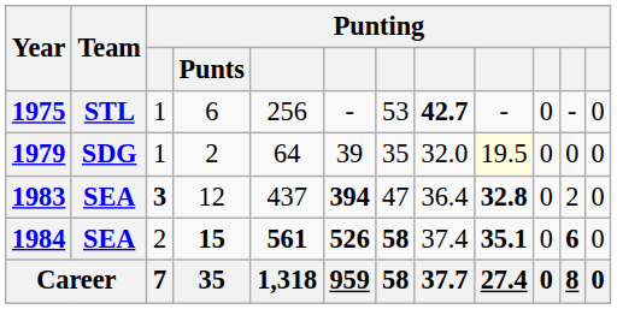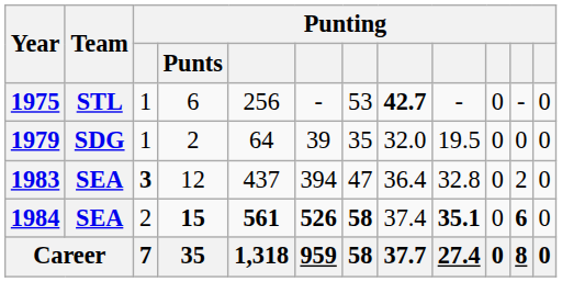 <table class=wikitable style="text-align:center;">
 <tr>
 <th rowspan="2">Year</th>
 <th rowspan="2">Team</th>
 <th colspan="10">Punting</th>
 </tr>
 <tr>
 <th></th>
 <th>Punts</th>
 <th></th>
 <th></th>
 <th></th>
 <th></th>
 <th></th>
 <th></th>
 <th></th>
 <th></th>
 </tr>
 <tr>
 <th><a href='#'>1975</a></th>
 <th><a href='#'>STL</a></th>
 <td>1</td>
 <td>6</td>
 <td>256</td>
 <td>-</td>
 <td>53</td>
 <td><strong>42.7</strong></td>
 <td>-</td>
 <td>0</td>
 <td>-</td>
 <td>0</td>
 </tr>
 <tr>
 <th><a href='#'>1979</a></th>
 <th><a href='#'>SDG</a></th>
 <td>1</td>
 <td>2</td>
 <td>64</td>
 <td>39</td>
 <td>35</td>
 <td>32.0</td>
-<td style="background: lightyellow;">19.5</td>
+<td>19.5</td>
 <td>0</td>
 <td>0</td>
 <td>0</td>
 </tr>
 <tr>
 <th><a href='#'>1983</a></th>
 <th><a href='#'>SEA</a></th>
 <td><strong>3</strong></td>
 <td>12</td>
 <td>437</td>
-<td><strong>394</strong></td>
+<td>394</td>
 <td>47</td>
 <td>36.4</td>
-<td><strong>32.8</strong></td>
+<td>32.8</td>
 <td>0</td>
 <td>2</td>
 <td>0</td>
 </tr>
 <tr>
 <th><a href='#'>1984</a></th>
 <th><a href='#'>SEA</a></th>
 <td>2</td>
 <td><strong>15</strong></td>
 <td><strong>561</strong></td>
 <td><strong>526</strong></td>
 <td><strong>58</strong></td>
 <td>37.4</td>
 <td><strong>35.1</strong></td>
 <td>0</td>
 <td><strong>6</strong></td>
 <td>0</td>
 </tr>
 <tr>
 <th colspan="2">Career</th>
 <th>7</th>
 <th>35</th>
 <th>1,318</th>
 <th><u>959</u></th>
 <th>58</th>
 <th>37.7</th>
 <th><u>27.4</u></th>
 <th>0</th>
 <th><u>8</u></th>
 <th>0</th>
 </tr>
 </table>
